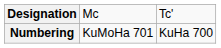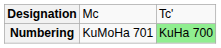 <table class="wikitable">
 <tr>
 <th>Designation</th>
 <td>Mc</td>
 <td>Tc'</td>
 </tr>
 <tr>
 <th>Numbering</th>
 <td>KuMoHa 701</td>
-<td>KuHa 700</td>
+<td style="background: lightgreen;">KuHa 700</td>
 </tr>
 </table>
